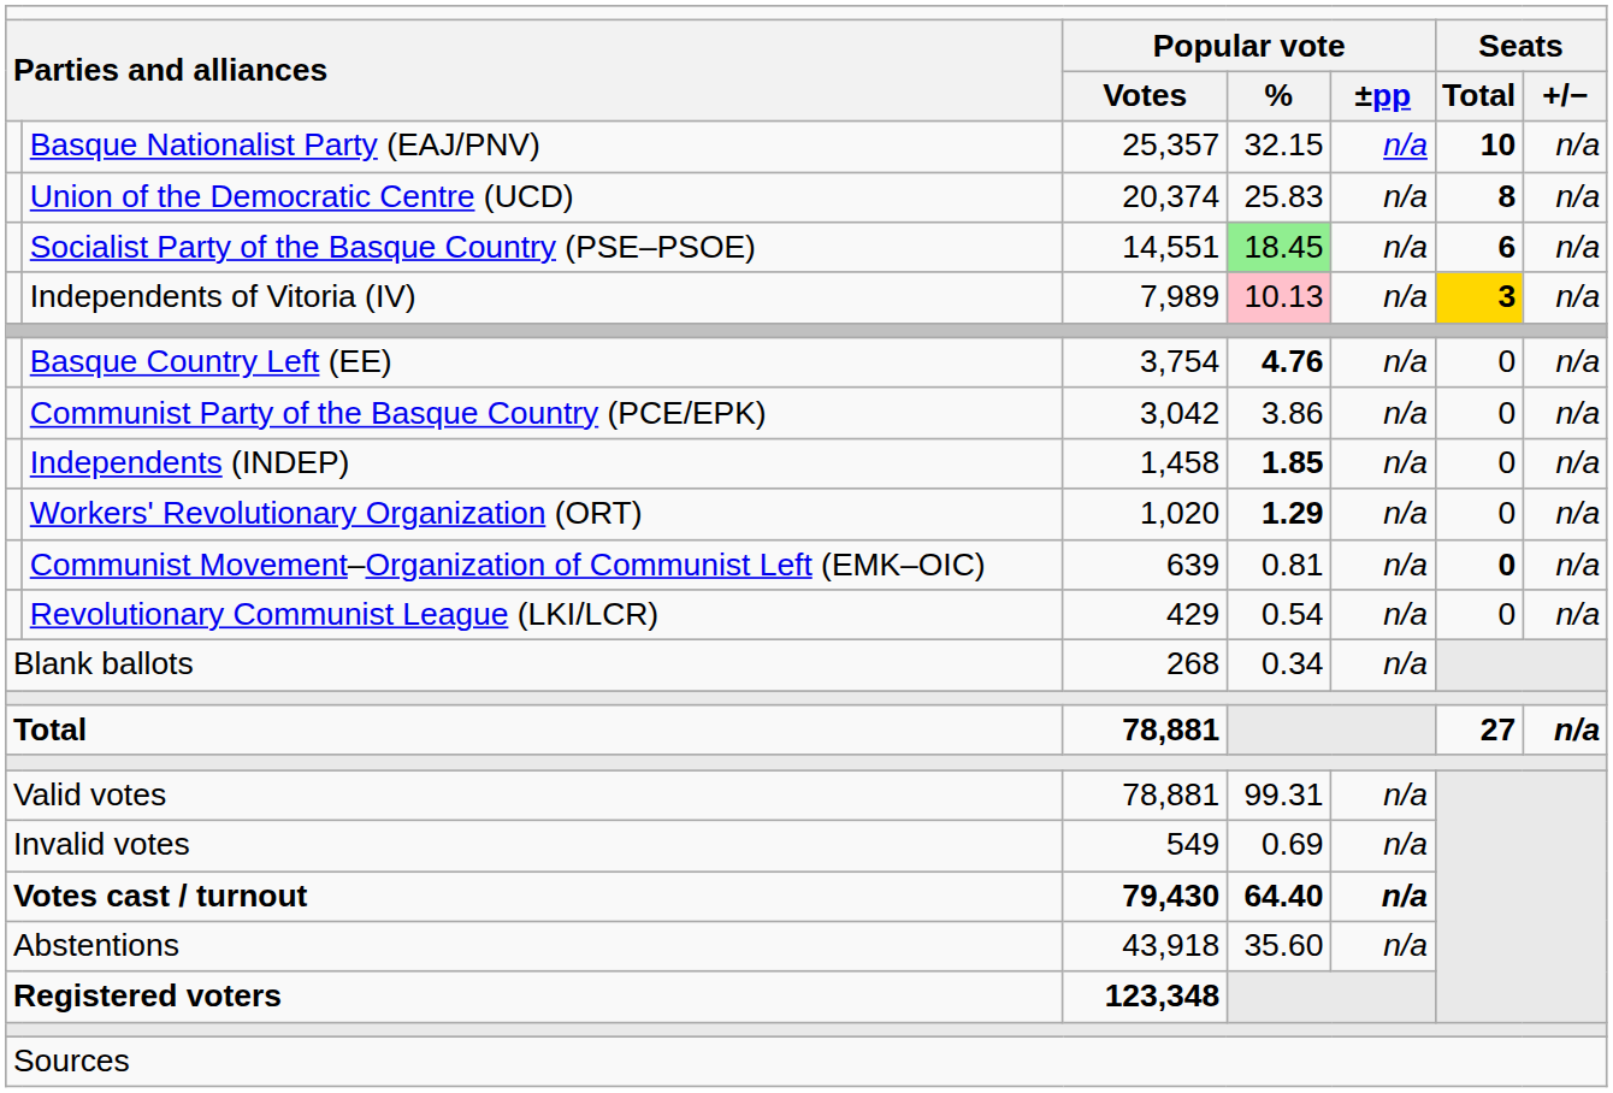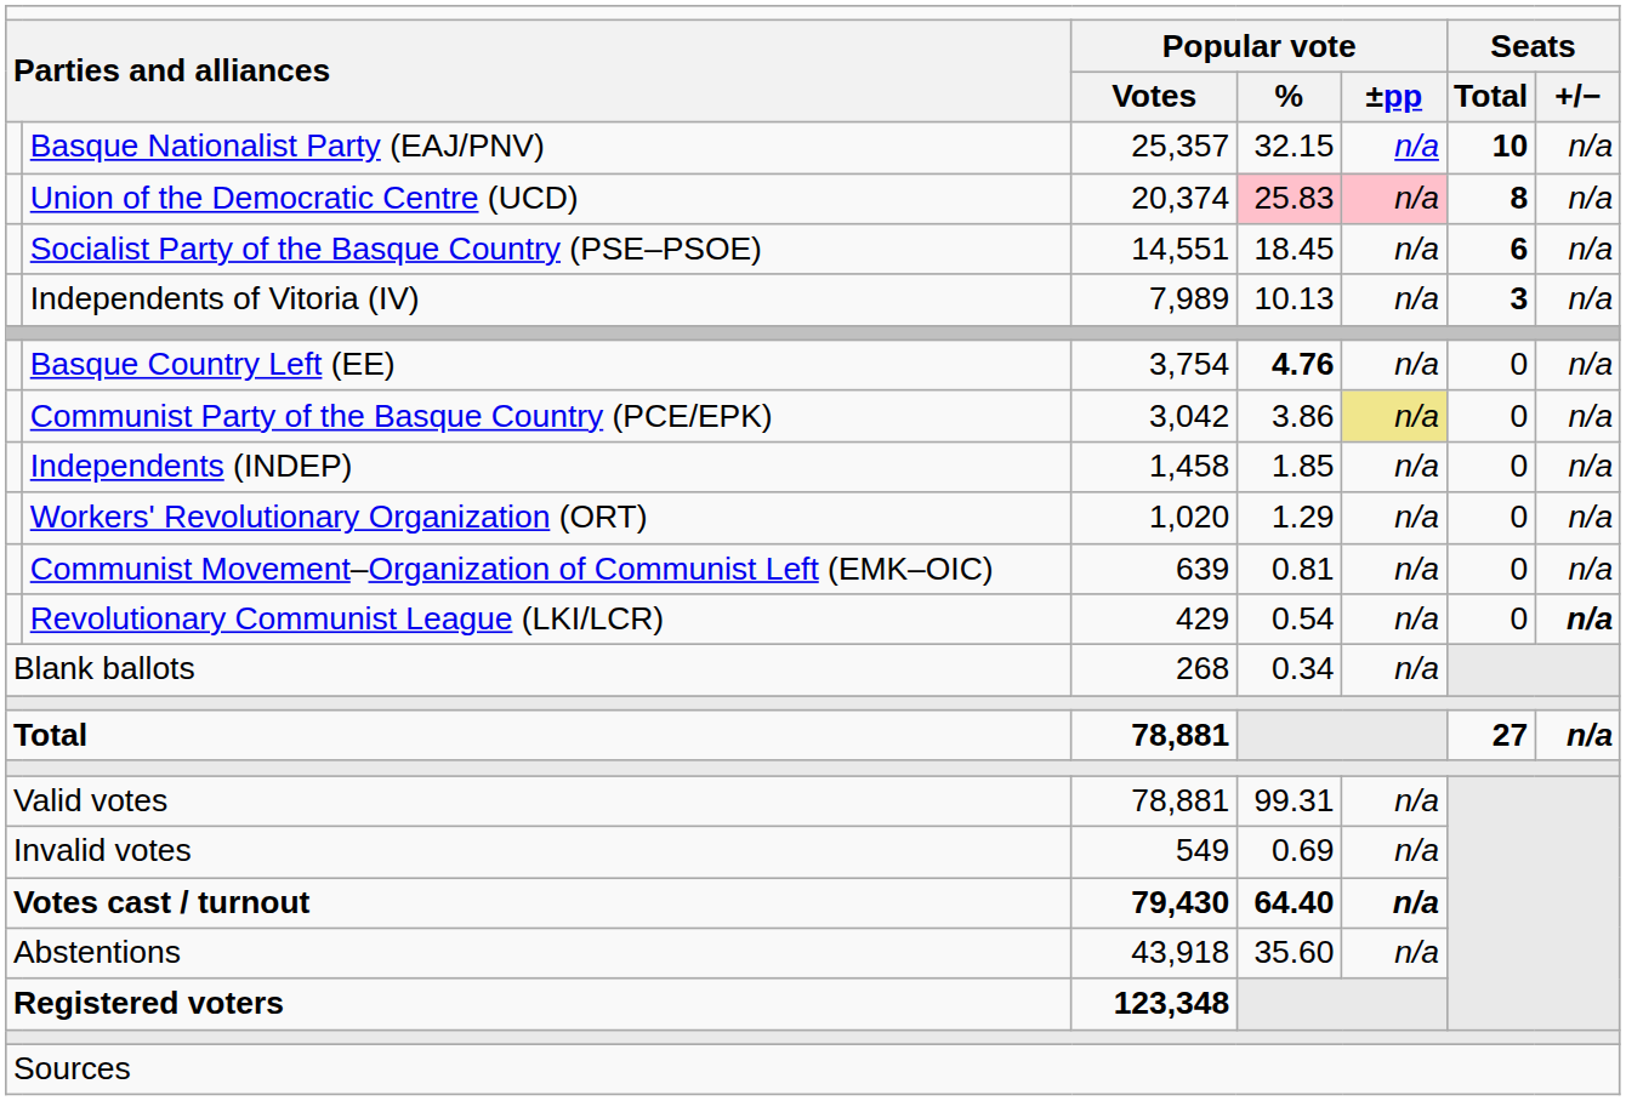 <table class="wikitable" style="text-align:right;">
 <tr>
 <td colspan="7"></td>
 </tr>
 <tr>
 <th style="text-align:left;" rowspan="2" colspan="2" width="525">Parties and alliances</th>
 <th colspan="3">Popular vote</th>
 <th colspan="2">Seats</th>
 </tr>
 <tr>
 <th width="75">Votes</th>
 <th width="45">%</th>
 <th width="45">±<a href='#'>pp</a></th>
 <th width="35">Total</th>
 <th width="35">+/−</th>
 </tr>
 <tr>
 <td width="1" style="color:inherit;background:"></td>
 <td align="left"><a href='#'>Basque Nationalist Party</a> (EAJ/PNV)</td>
 <td>25,357</td>
 <td>32.15</td>
 <td><em><a href='#'>n/a</a></em></td>
 <td><strong>10</strong></td>
 <td><em>n/a</em></td>
 </tr>
 <tr>
 <td style="color:inherit;background:"></td>
 <td align="left"><a href='#'>Union of the Democratic Centre</a> (UCD)</td>
 <td>20,374</td>
-<td>25.83</td>
-<td><em>n/a</em></td>
+<td style="background: pink;">25.83</td>
+<td style="background: pink;"><em>n/a</em></td>
 <td><strong>8</strong></td>
 <td><em>n/a</em></td>
 </tr>
 <tr>
 <td style="color:inherit;background:"></td>
 <td align="left"><a href='#'>Socialist Party of the Basque Country</a> (PSE–PSOE)</td>
 <td>14,551</td>
-<td style="background: lightgreen;">18.45</td>
+<td>18.45</td>
 <td><em>n/a</em></td>
 <td><strong>6</strong></td>
 <td><em>n/a</em></td>
 </tr>
 <tr>
 <td style="color:inherit;background:"></td>
 <td align="left">Independents of Vitoria (IV)</td>
 <td>7,989</td>
-<td style="background: pink;">10.13</td>
+<td>10.13</td>
 <td><em>n/a</em></td>
-<td style="background: gold;"><strong>3</strong></td>
+<td><strong>3</strong></td>
 <td><em>n/a</em></td>
 </tr>
 <tr>
 <td colspan="7" bgcolor="#C0C0C0"></td>
 </tr>
 <tr>
 <td style="color:inherit;background:"></td>
 <td align="left"><a href='#'>Basque Country Left</a> (EE)</td>
 <td>3,754</td>
 <td><strong>4.76</strong></td>
 <td><em>n/a</em></td>
 <td>0</td>
 <td><em>n/a</em></td>
 </tr>
 <tr>
 <td style="color:inherit;background:"></td>
 <td align="left"><a href='#'>Communist Party of the Basque Country</a> (PCE/EPK)</td>
 <td>3,042</td>
 <td>3.86</td>
-<td><em>n/a</em></td>
+<td style="background: khaki;"><em>n/a</em></td>
 <td>0</td>
 <td><em>n/a</em></td>
 </tr>
 <tr>
 <td style="color:inherit;background:"></td>
 <td align="left"><a href='#'>Independents</a> (INDEP)</td>
 <td>1,458</td>
-<td><strong>1.85</strong></td>
+<td>1.85</td>
 <td><em>n/a</em></td>
 <td>0</td>
 <td><em>n/a</em></td>
 </tr>
 <tr>
 <td style="color:inherit;background:"></td>
 <td align="left"><a href='#'>Workers' Revolutionary Organization</a> (ORT)</td>
 <td>1,020</td>
-<td><strong>1.29</strong></td>
+<td>1.29</td>
 <td><em>n/a</em></td>
 <td>0</td>
 <td><em>n/a</em></td>
 </tr>
 <tr>
 <td style="color:inherit;background:"></td>
 <td align="left"><a href='#'>Communist Movement</a>–<a href='#'>Organization of Communist Left</a> (EMK–OIC)</td>
 <td>639</td>
 <td>0.81</td>
 <td><em>n/a</em></td>
-<td><strong>0</strong></td>
+<td>0</td>
 <td><em>n/a</em></td>
 </tr>
 <tr>
 <td style="color:inherit;background:"></td>
 <td align="left"><a href='#'>Revolutionary Communist League</a> (LKI/LCR)</td>
 <td>429</td>
 <td>0.54</td>
 <td><em>n/a</em></td>
 <td>0</td>
-<td><em>n/a</em></td>
+<td><strong><em>n/a</em></strong></td>
 </tr>
 <tr>
 <td align="left" colspan="2">Blank ballots</td>
 <td>268</td>
 <td>0.34</td>
 <td><em>n/a</em></td>
 <td bgcolor="#E9E9E9" colspan="2"></td>
 </tr>
 <tr>
 <td colspan="7" bgcolor="#E9E9E9"></td>
 </tr>
 <tr style="font-weight:bold;">
 <td align="left" colspan="2">Total</td>
 <td>78,881</td>
 <td bgcolor="#E9E9E9" colspan="2"></td>
 <td>27</td>
 <td><em>n/a</em></td>
 </tr>
 <tr>
 <td colspan="7" bgcolor="#E9E9E9"></td>
 </tr>
 <tr>
 <td align="left" colspan="2">Valid votes</td>
 <td>78,881</td>
 <td>99.31</td>
 <td><em>n/a</em></td>
 <td bgcolor="#E9E9E9" colspan="2" rowspan="5"></td>
 </tr>
 <tr>
 <td align="left" colspan="2">Invalid votes</td>
 <td>549</td>
 <td>0.69</td>
 <td><em>n/a</em></td>
 </tr>
 <tr style="font-weight:bold;">
 <td align="left" colspan="2">Votes cast / turnout</td>
 <td>79,430</td>
 <td>64.40</td>
 <td><em>n/a</em></td>
 </tr>
 <tr>
 <td align="left" colspan="2">Abstentions</td>
 <td>43,918</td>
 <td>35.60</td>
 <td><em>n/a</em></td>
 </tr>
 <tr style="font-weight:bold;">
 <td align="left" colspan="2">Registered voters</td>
 <td>123,348</td>
 <td bgcolor="#E9E9E9" colspan="2"></td>
 </tr>
 <tr>
 <td colspan="7" bgcolor="#E9E9E9"></td>
 </tr>
 <tr>
 <td align="left" colspan="7">Sources</td>
 </tr>
 </table>
